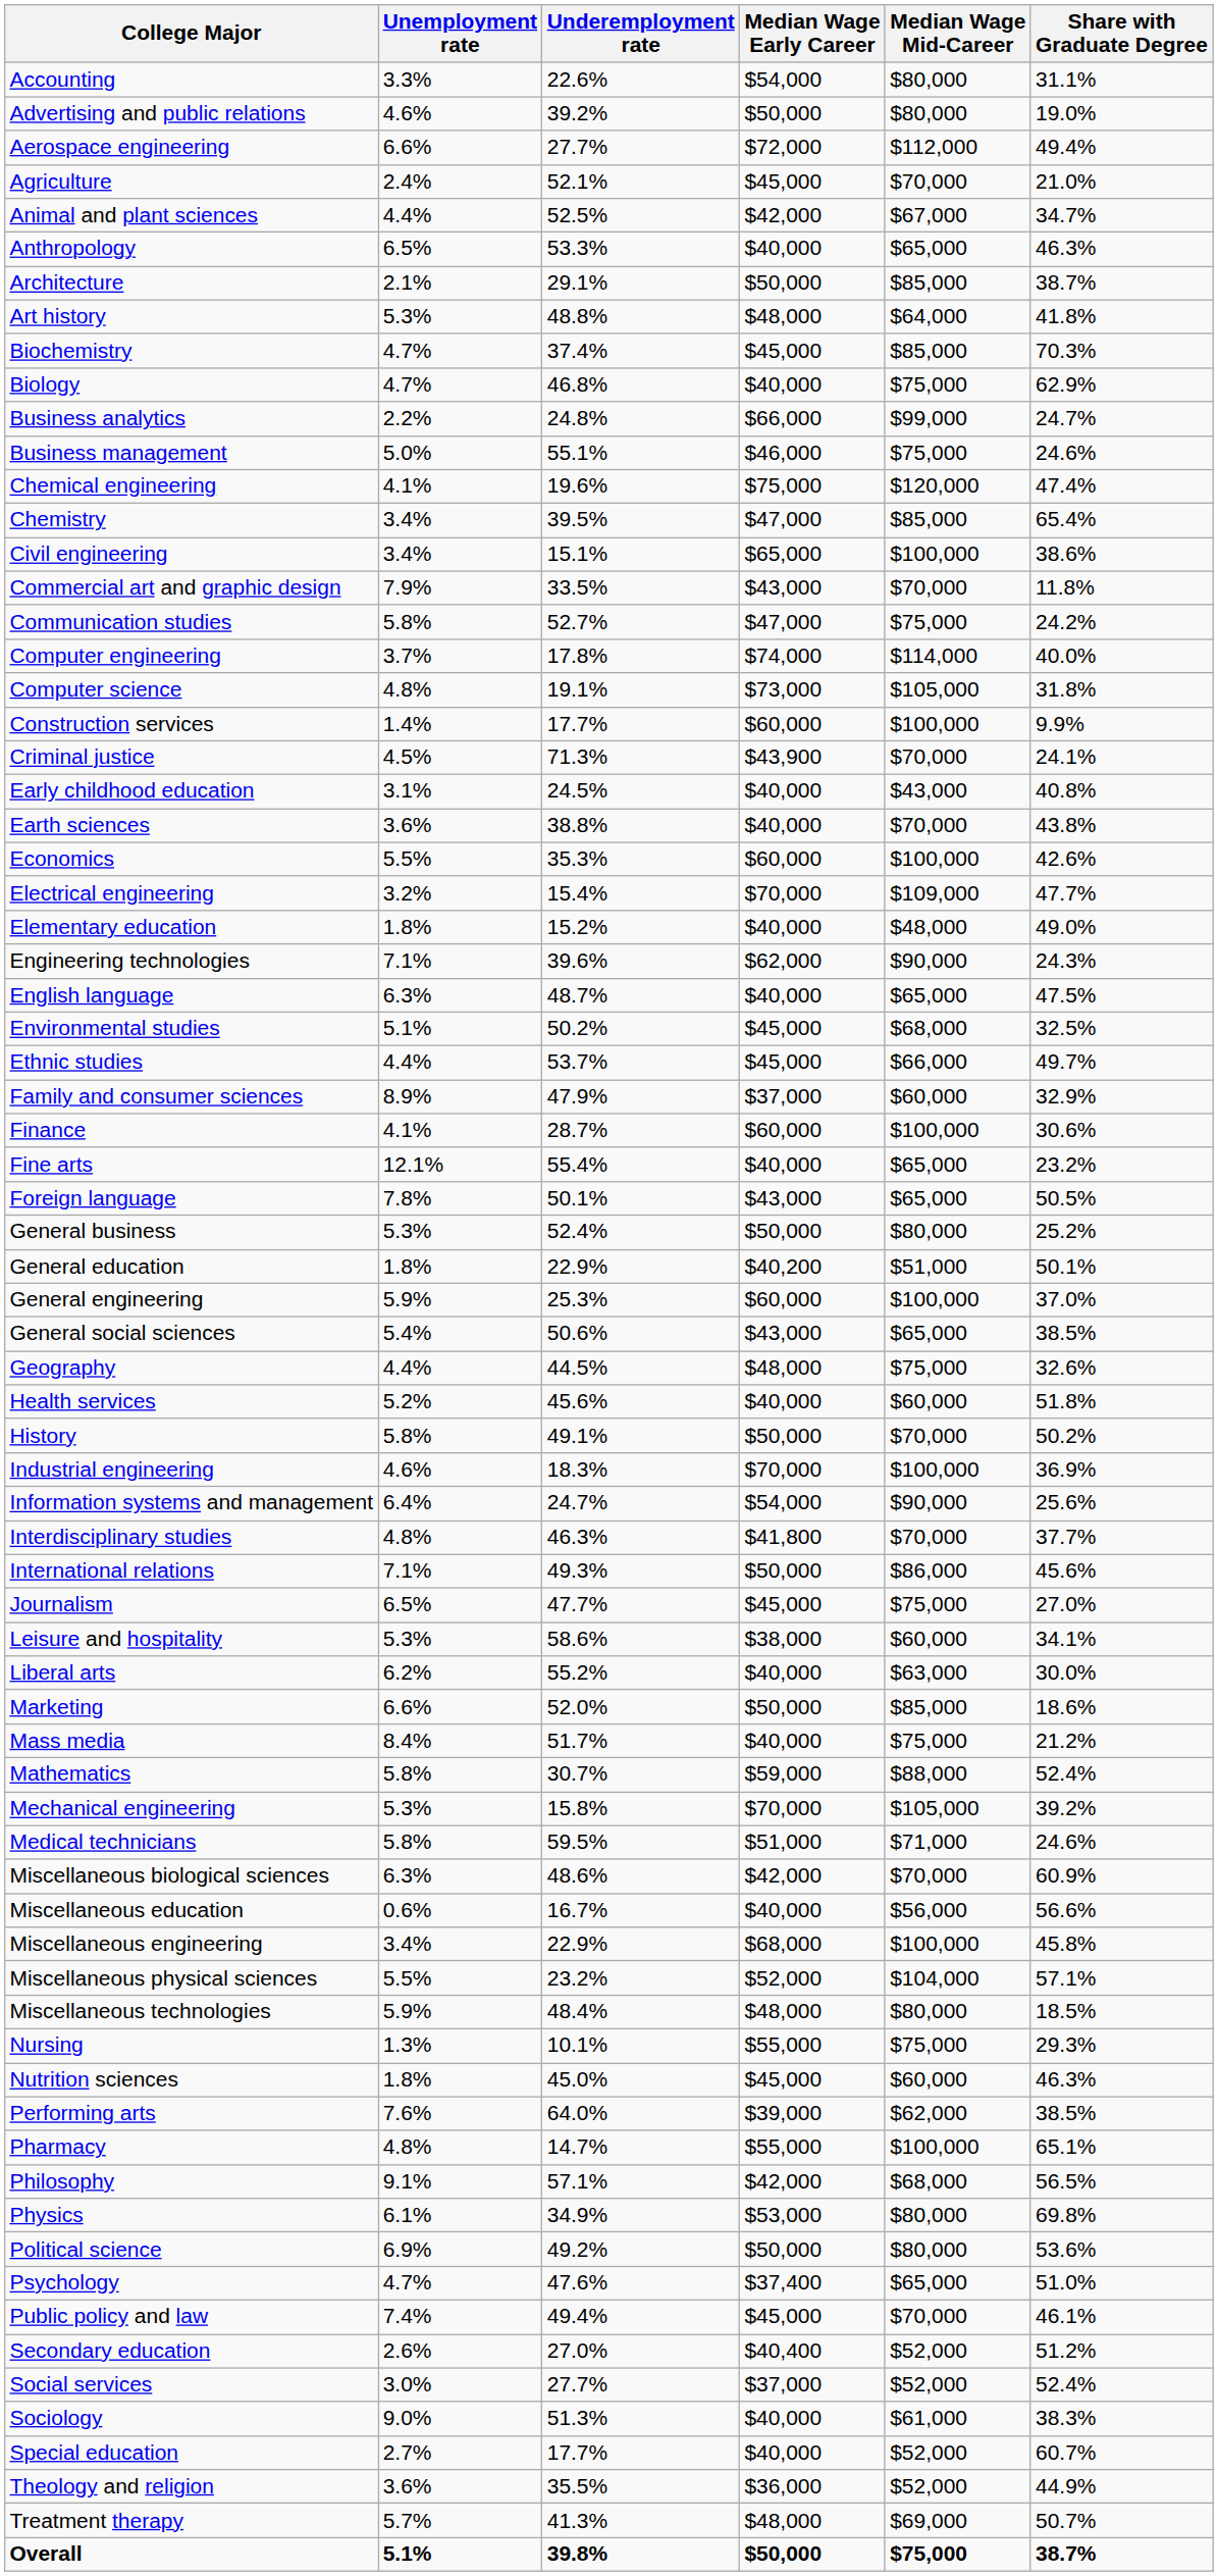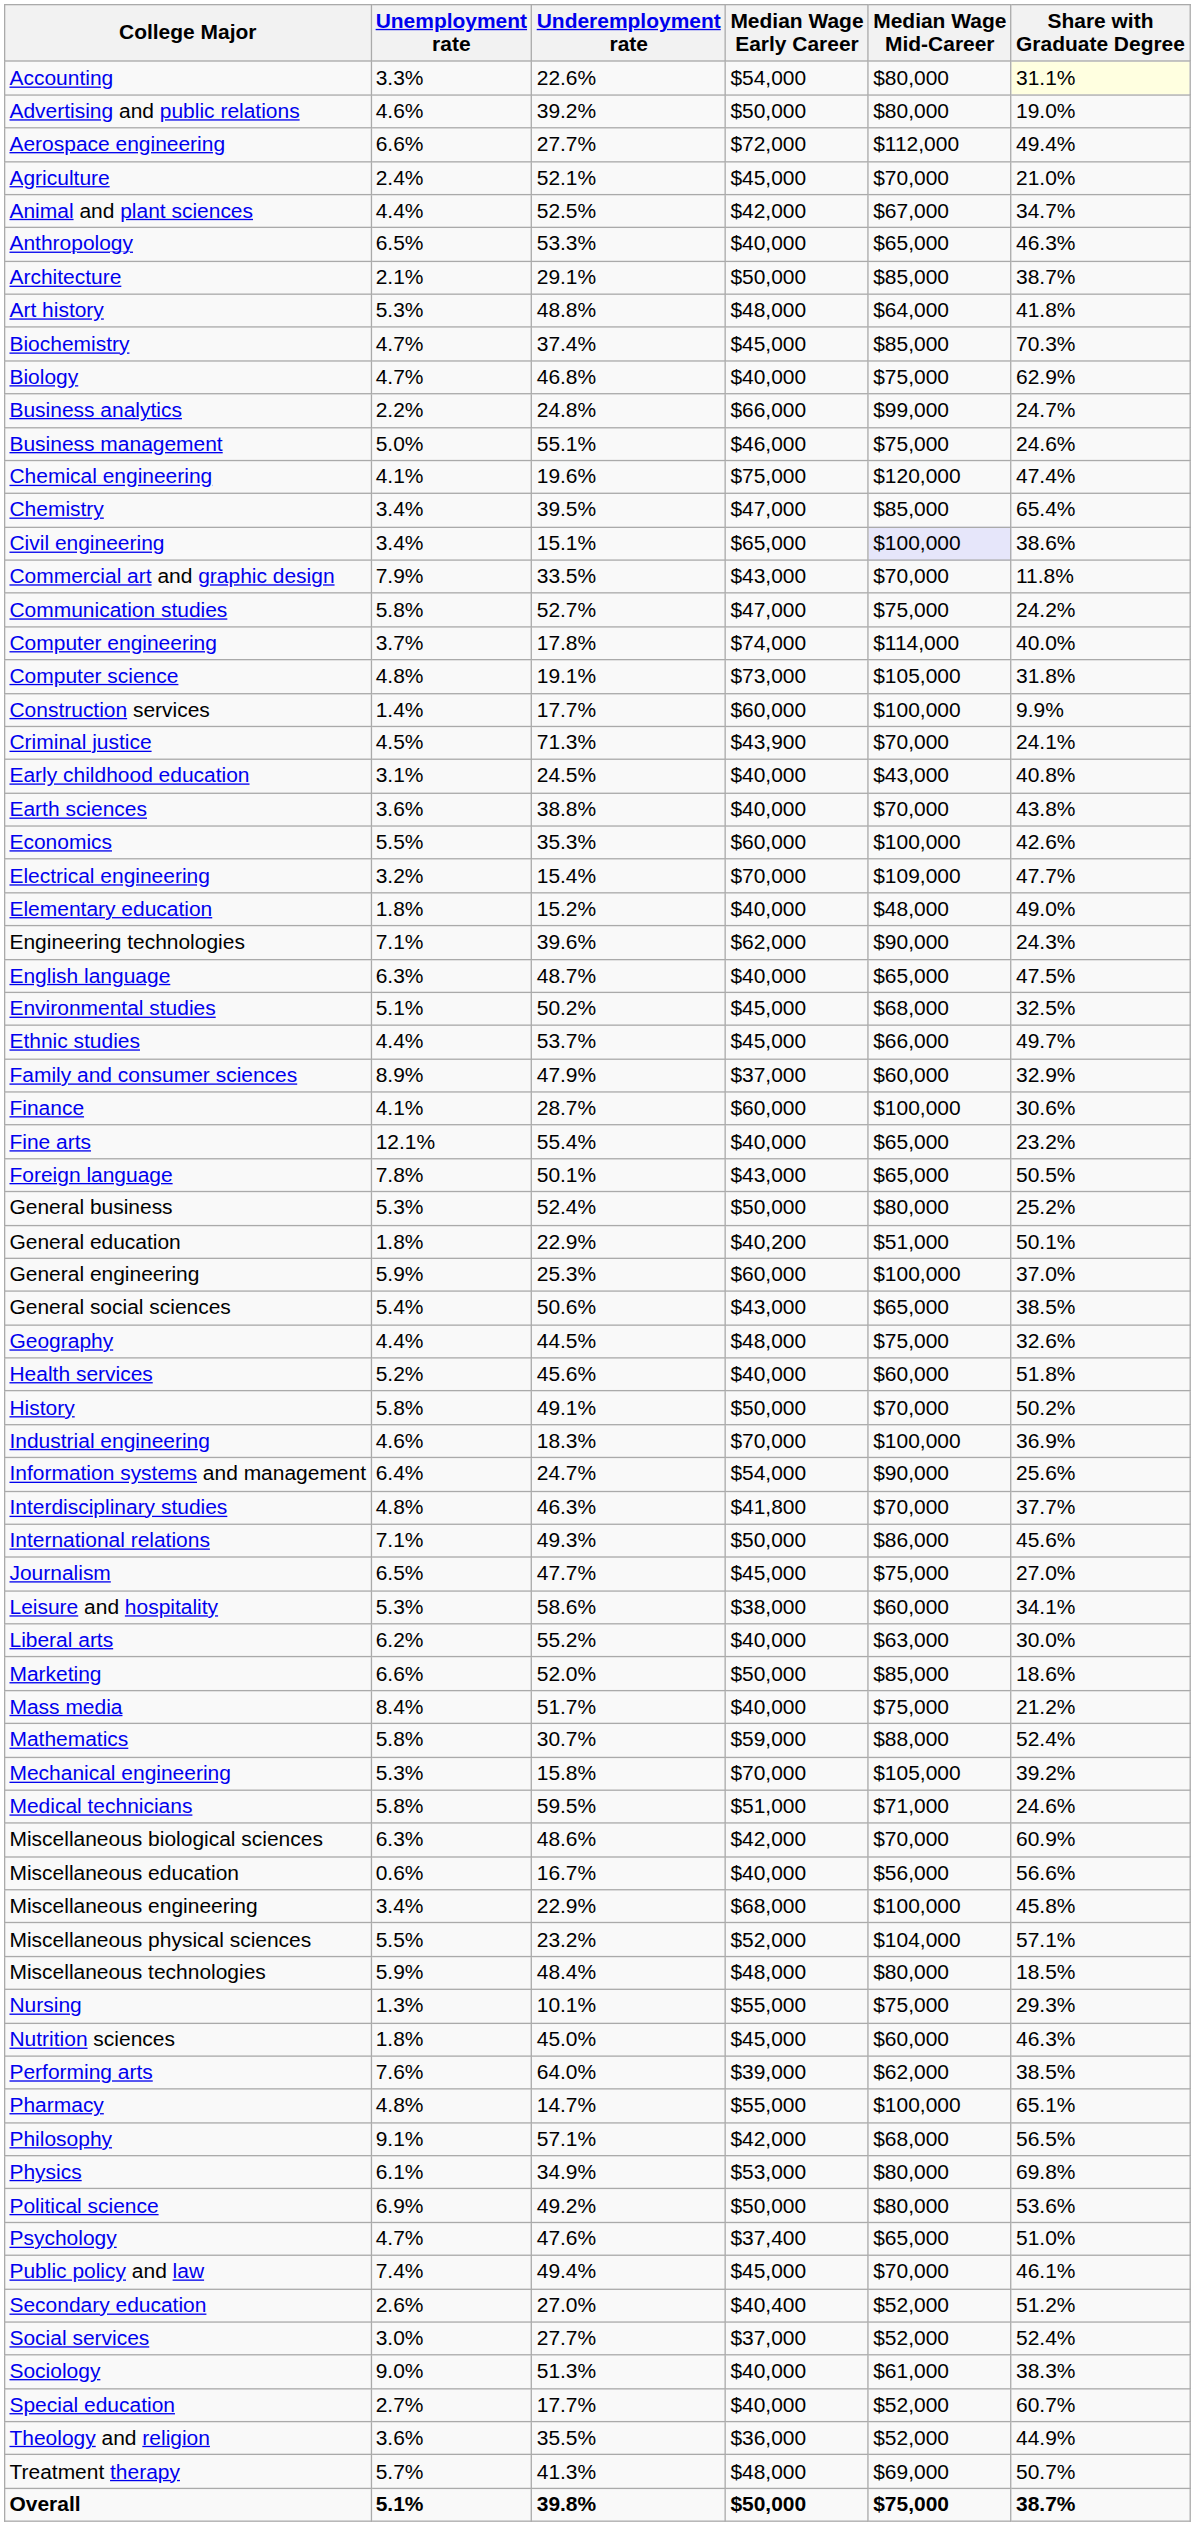 <table class="wikitable sortable">
 <tr>
 <th>College Major</th>
 <th><a href='#'>Unemployment</a><br>rate</th>
 <th><a href='#'>Underemployment</a><br>rate</th>
 <th>Median Wage<br>Early Career</th>
 <th>Median Wage<br>Mid-Career</th>
 <th>Share with<br>Graduate Degree</th>
 </tr>
 <tr>
 <td><a href='#'>Accounting</a></td>
 <td>3.3%</td>
 <td>22.6%</td>
 <td>$54,000</td>
 <td>$80,000</td>
-<td>31.1%</td>
+<td style="background: lightyellow;">31.1%</td>
 </tr>
 <tr>
 <td><a href='#'>Advertising</a> and <a href='#'>public relations</a></td>
 <td>4.6%</td>
 <td>39.2%</td>
 <td>$50,000</td>
 <td>$80,000</td>
 <td>19.0%</td>
 </tr>
 <tr>
 <td><a href='#'>Aerospace engineering</a></td>
 <td>6.6%</td>
 <td>27.7%</td>
 <td>$72,000</td>
 <td>$112,000</td>
 <td>49.4%</td>
 </tr>
 <tr>
 <td><a href='#'>Agriculture</a></td>
 <td>2.4%</td>
 <td>52.1%</td>
 <td>$45,000</td>
 <td>$70,000</td>
 <td>21.0%</td>
 </tr>
 <tr>
 <td><a href='#'>Animal</a> and <a href='#'>plant sciences</a></td>
 <td>4.4%</td>
 <td>52.5%</td>
 <td>$42,000</td>
 <td>$67,000</td>
 <td>34.7%</td>
 </tr>
 <tr>
 <td><a href='#'>Anthropology</a></td>
 <td>6.5%</td>
 <td>53.3%</td>
 <td>$40,000</td>
 <td>$65,000</td>
 <td>46.3%</td>
 </tr>
 <tr>
 <td><a href='#'>Architecture</a></td>
 <td>2.1%</td>
 <td>29.1%</td>
 <td>$50,000</td>
 <td>$85,000</td>
 <td>38.7%</td>
 </tr>
 <tr>
 <td><a href='#'>Art history</a></td>
 <td>5.3%</td>
 <td>48.8%</td>
 <td>$48,000</td>
 <td>$64,000</td>
 <td>41.8%</td>
 </tr>
 <tr>
 <td><a href='#'>Biochemistry</a></td>
 <td>4.7%</td>
 <td>37.4%</td>
 <td>$45,000</td>
 <td>$85,000</td>
 <td>70.3%</td>
 </tr>
 <tr>
 <td><a href='#'>Biology</a></td>
 <td>4.7%</td>
 <td>46.8%</td>
 <td>$40,000</td>
 <td>$75,000</td>
 <td>62.9%</td>
 </tr>
 <tr>
 <td><a href='#'>Business analytics</a></td>
 <td>2.2%</td>
 <td>24.8%</td>
 <td>$66,000</td>
 <td>$99,000</td>
 <td>24.7%</td>
 </tr>
 <tr>
 <td><a href='#'>Business management</a></td>
 <td>5.0%</td>
 <td>55.1%</td>
 <td>$46,000</td>
 <td>$75,000</td>
 <td>24.6%</td>
 </tr>
 <tr>
 <td><a href='#'>Chemical engineering</a></td>
 <td>4.1%</td>
 <td>19.6%</td>
 <td>$75,000</td>
 <td>$120,000</td>
 <td>47.4%</td>
 </tr>
 <tr>
 <td><a href='#'>Chemistry</a></td>
 <td>3.4%</td>
 <td>39.5%</td>
 <td>$47,000</td>
 <td>$85,000</td>
 <td>65.4%</td>
 </tr>
 <tr>
 <td><a href='#'>Civil engineering</a></td>
 <td>3.4%</td>
 <td>15.1%</td>
 <td>$65,000</td>
-<td>$100,000</td>
+<td style="background: lavender;">$100,000</td>
 <td>38.6%</td>
 </tr>
 <tr>
 <td><a href='#'>Commercial art</a> and <a href='#'>graphic design</a></td>
 <td>7.9%</td>
 <td>33.5%</td>
 <td>$43,000</td>
 <td>$70,000</td>
 <td>11.8%</td>
 </tr>
 <tr>
 <td><a href='#'>Communication studies</a></td>
 <td>5.8%</td>
 <td>52.7%</td>
 <td>$47,000</td>
 <td>$75,000</td>
 <td>24.2%</td>
 </tr>
 <tr>
 <td><a href='#'>Computer engineering</a></td>
 <td>3.7%</td>
 <td>17.8%</td>
 <td>$74,000</td>
 <td>$114,000</td>
 <td>40.0%</td>
 </tr>
 <tr>
 <td><a href='#'>Computer science</a></td>
 <td>4.8%</td>
 <td>19.1%</td>
 <td>$73,000</td>
 <td>$105,000</td>
 <td>31.8%</td>
 </tr>
 <tr>
 <td><a href='#'>Construction</a> services</td>
 <td>1.4%</td>
 <td>17.7%</td>
 <td>$60,000</td>
 <td>$100,000</td>
 <td>9.9%</td>
 </tr>
 <tr>
 <td><a href='#'>Criminal justice</a></td>
 <td>4.5%</td>
 <td>71.3%</td>
 <td>$43,900</td>
 <td>$70,000</td>
 <td>24.1%</td>
 </tr>
 <tr>
 <td><a href='#'>Early childhood education</a></td>
 <td>3.1%</td>
 <td>24.5%</td>
 <td>$40,000</td>
 <td>$43,000</td>
 <td>40.8%</td>
 </tr>
 <tr>
 <td><a href='#'>Earth sciences</a></td>
 <td>3.6%</td>
 <td>38.8%</td>
 <td>$40,000</td>
 <td>$70,000</td>
 <td>43.8%</td>
 </tr>
 <tr>
 <td><a href='#'>Economics</a></td>
 <td>5.5%</td>
 <td>35.3%</td>
 <td>$60,000</td>
 <td>$100,000</td>
 <td>42.6%</td>
 </tr>
 <tr>
 <td><a href='#'>Electrical engineering</a></td>
 <td>3.2%</td>
 <td>15.4%</td>
 <td>$70,000</td>
 <td>$109,000</td>
 <td>47.7%</td>
 </tr>
 <tr>
 <td><a href='#'>Elementary education</a></td>
 <td>1.8%</td>
 <td>15.2%</td>
 <td>$40,000</td>
 <td>$48,000</td>
 <td>49.0%</td>
 </tr>
 <tr>
 <td>Engineering technologies</td>
 <td>7.1%</td>
 <td>39.6%</td>
 <td>$62,000</td>
 <td>$90,000</td>
 <td>24.3%</td>
 </tr>
 <tr>
 <td><a href='#'>English language</a></td>
 <td>6.3%</td>
 <td>48.7%</td>
 <td>$40,000</td>
 <td>$65,000</td>
 <td>47.5%</td>
 </tr>
 <tr>
 <td><a href='#'>Environmental studies</a></td>
 <td>5.1%</td>
 <td>50.2%</td>
 <td>$45,000</td>
 <td>$68,000</td>
 <td>32.5%</td>
 </tr>
 <tr>
 <td><a href='#'>Ethnic studies</a></td>
 <td>4.4%</td>
 <td>53.7%</td>
 <td>$45,000</td>
 <td>$66,000</td>
 <td>49.7%</td>
 </tr>
 <tr>
 <td><a href='#'>Family and consumer sciences</a></td>
 <td>8.9%</td>
 <td>47.9%</td>
 <td>$37,000</td>
 <td>$60,000</td>
 <td>32.9%</td>
 </tr>
 <tr>
 <td><a href='#'>Finance</a></td>
 <td>4.1%</td>
 <td>28.7%</td>
 <td>$60,000</td>
 <td>$100,000</td>
 <td>30.6%</td>
 </tr>
 <tr>
 <td><a href='#'>Fine arts</a></td>
 <td>12.1%</td>
 <td>55.4%</td>
 <td>$40,000</td>
 <td>$65,000</td>
 <td>23.2%</td>
 </tr>
 <tr>
 <td><a href='#'>Foreign language</a></td>
 <td>7.8%</td>
 <td>50.1%</td>
 <td>$43,000</td>
 <td>$65,000</td>
 <td>50.5%</td>
 </tr>
 <tr>
 <td>General business</td>
 <td>5.3%</td>
 <td>52.4%</td>
 <td>$50,000</td>
 <td>$80,000</td>
 <td>25.2%</td>
 </tr>
 <tr>
 <td>General education</td>
 <td>1.8%</td>
 <td>22.9%</td>
 <td>$40,200</td>
 <td>$51,000</td>
 <td>50.1%</td>
 </tr>
 <tr>
 <td>General engineering</td>
 <td>5.9%</td>
 <td>25.3%</td>
 <td>$60,000</td>
 <td>$100,000</td>
 <td>37.0%</td>
 </tr>
 <tr>
 <td>General social sciences</td>
 <td>5.4%</td>
 <td>50.6%</td>
 <td>$43,000</td>
 <td>$65,000</td>
 <td>38.5%</td>
 </tr>
 <tr>
 <td><a href='#'>Geography</a></td>
 <td>4.4%</td>
 <td>44.5%</td>
 <td>$48,000</td>
 <td>$75,000</td>
 <td>32.6%</td>
 </tr>
 <tr>
 <td><a href='#'>Health services</a></td>
 <td>5.2%</td>
 <td>45.6%</td>
 <td>$40,000</td>
 <td>$60,000</td>
 <td>51.8%</td>
 </tr>
 <tr>
 <td><a href='#'>History</a></td>
 <td>5.8%</td>
 <td>49.1%</td>
 <td>$50,000</td>
 <td>$70,000</td>
 <td>50.2%</td>
 </tr>
 <tr>
 <td><a href='#'>Industrial engineering</a></td>
 <td>4.6%</td>
 <td>18.3%</td>
 <td>$70,000</td>
 <td>$100,000</td>
 <td>36.9%</td>
 </tr>
 <tr>
 <td><a href='#'>Information systems</a> and management</td>
 <td>6.4%</td>
 <td>24.7%</td>
 <td>$54,000</td>
 <td>$90,000</td>
 <td>25.6%</td>
 </tr>
 <tr>
 <td><a href='#'>Interdisciplinary studies</a></td>
 <td>4.8%</td>
 <td>46.3%</td>
 <td>$41,800</td>
 <td>$70,000</td>
 <td>37.7%</td>
 </tr>
 <tr>
 <td><a href='#'>International relations</a></td>
 <td>7.1%</td>
 <td>49.3%</td>
 <td>$50,000</td>
 <td>$86,000</td>
 <td>45.6%</td>
 </tr>
 <tr>
 <td><a href='#'>Journalism</a></td>
 <td>6.5%</td>
 <td>47.7%</td>
 <td>$45,000</td>
 <td>$75,000</td>
 <td>27.0%</td>
 </tr>
 <tr>
 <td><a href='#'>Leisure</a> and <a href='#'>hospitality</a></td>
 <td>5.3%</td>
 <td>58.6%</td>
 <td>$38,000</td>
 <td>$60,000</td>
 <td>34.1%</td>
 </tr>
 <tr>
 <td><a href='#'>Liberal arts</a></td>
 <td>6.2%</td>
 <td>55.2%</td>
 <td>$40,000</td>
 <td>$63,000</td>
 <td>30.0%</td>
 </tr>
 <tr>
 <td><a href='#'>Marketing</a></td>
 <td>6.6%</td>
 <td>52.0%</td>
 <td>$50,000</td>
 <td>$85,000</td>
 <td>18.6%</td>
 </tr>
 <tr>
 <td><a href='#'>Mass media</a></td>
 <td>8.4%</td>
 <td>51.7%</td>
 <td>$40,000</td>
 <td>$75,000</td>
 <td>21.2%</td>
 </tr>
 <tr>
 <td><a href='#'>Mathematics</a></td>
 <td>5.8%</td>
 <td>30.7%</td>
 <td>$59,000</td>
 <td>$88,000</td>
 <td>52.4%</td>
 </tr>
 <tr>
 <td><a href='#'>Mechanical engineering</a></td>
 <td>5.3%</td>
 <td>15.8%</td>
 <td>$70,000</td>
 <td>$105,000</td>
 <td>39.2%</td>
 </tr>
 <tr>
 <td><a href='#'>Medical technicians</a></td>
 <td>5.8%</td>
 <td>59.5%</td>
 <td>$51,000</td>
 <td>$71,000</td>
 <td>24.6%</td>
 </tr>
 <tr>
 <td>Miscellaneous biological sciences</td>
 <td>6.3%</td>
 <td>48.6%</td>
 <td>$42,000</td>
 <td>$70,000</td>
 <td>60.9%</td>
 </tr>
 <tr>
 <td>Miscellaneous education</td>
 <td>0.6%</td>
 <td>16.7%</td>
 <td>$40,000</td>
 <td>$56,000</td>
 <td>56.6%</td>
 </tr>
 <tr>
 <td>Miscellaneous engineering</td>
 <td>3.4%</td>
 <td>22.9%</td>
 <td>$68,000</td>
 <td>$100,000</td>
 <td>45.8%</td>
 </tr>
 <tr>
 <td>Miscellaneous physical sciences</td>
 <td>5.5%</td>
 <td>23.2%</td>
 <td>$52,000</td>
 <td>$104,000</td>
 <td>57.1%</td>
 </tr>
 <tr>
 <td>Miscellaneous technologies</td>
 <td>5.9%</td>
 <td>48.4%</td>
 <td>$48,000</td>
 <td>$80,000</td>
 <td>18.5%</td>
 </tr>
 <tr>
 <td><a href='#'>Nursing</a></td>
 <td>1.3%</td>
 <td>10.1%</td>
 <td>$55,000</td>
 <td>$75,000</td>
 <td>29.3%</td>
 </tr>
 <tr>
 <td><a href='#'>Nutrition</a> sciences</td>
 <td>1.8%</td>
 <td>45.0%</td>
 <td>$45,000</td>
 <td>$60,000</td>
 <td>46.3%</td>
 </tr>
 <tr>
 <td><a href='#'>Performing arts</a></td>
 <td>7.6%</td>
 <td>64.0%</td>
 <td>$39,000</td>
 <td>$62,000</td>
 <td>38.5%</td>
 </tr>
 <tr>
 <td><a href='#'>Pharmacy</a></td>
 <td>4.8%</td>
 <td>14.7%</td>
 <td>$55,000</td>
 <td>$100,000</td>
 <td>65.1%</td>
 </tr>
 <tr>
 <td><a href='#'>Philosophy</a></td>
 <td>9.1%</td>
 <td>57.1%</td>
 <td>$42,000</td>
 <td>$68,000</td>
 <td>56.5%</td>
 </tr>
 <tr>
 <td><a href='#'>Physics</a></td>
 <td>6.1%</td>
 <td>34.9%</td>
 <td>$53,000</td>
 <td>$80,000</td>
 <td>69.8%</td>
 </tr>
 <tr>
 <td><a href='#'>Political science</a></td>
 <td>6.9%</td>
 <td>49.2%</td>
 <td>$50,000</td>
 <td>$80,000</td>
 <td>53.6%</td>
 </tr>
 <tr>
 <td><a href='#'>Psychology</a></td>
 <td>4.7%</td>
 <td>47.6%</td>
 <td>$37,400</td>
 <td>$65,000</td>
 <td>51.0%</td>
 </tr>
 <tr>
 <td><a href='#'>Public policy</a> and <a href='#'>law</a></td>
 <td>7.4%</td>
 <td>49.4%</td>
 <td>$45,000</td>
 <td>$70,000</td>
 <td>46.1%</td>
 </tr>
 <tr>
 <td><a href='#'>Secondary education</a></td>
 <td>2.6%</td>
 <td>27.0%</td>
 <td>$40,400</td>
 <td>$52,000</td>
 <td>51.2%</td>
 </tr>
 <tr>
 <td><a href='#'>Social services</a></td>
 <td>3.0%</td>
 <td>27.7%</td>
 <td>$37,000</td>
 <td>$52,000</td>
 <td>52.4%</td>
 </tr>
 <tr>
 <td><a href='#'>Sociology</a></td>
 <td>9.0%</td>
 <td>51.3%</td>
 <td>$40,000</td>
 <td>$61,000</td>
 <td>38.3%</td>
 </tr>
 <tr>
 <td><a href='#'>Special education</a></td>
 <td>2.7%</td>
 <td>17.7%</td>
 <td>$40,000</td>
 <td>$52,000</td>
 <td>60.7%</td>
 </tr>
 <tr>
 <td><a href='#'>Theology</a> and <a href='#'>religion</a></td>
 <td>3.6%</td>
 <td>35.5%</td>
 <td>$36,000</td>
 <td>$52,000</td>
 <td>44.9%</td>
 </tr>
 <tr>
 <td>Treatment <a href='#'>therapy</a></td>
 <td>5.7%</td>
 <td>41.3%</td>
 <td>$48,000</td>
 <td>$69,000</td>
 <td>50.7%</td>
 </tr>
 <tr>
 <td><strong>Overall</strong></td>
 <td><strong>5.1%</strong></td>
 <td><strong>39.8%</strong></td>
 <td><strong>$50,000</strong></td>
 <td><strong>$75,000</strong></td>
 <td><strong>38.7%</strong></td>
 </tr>
 </table>
